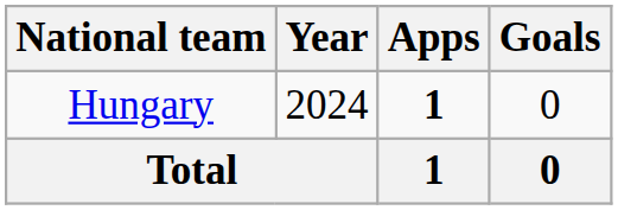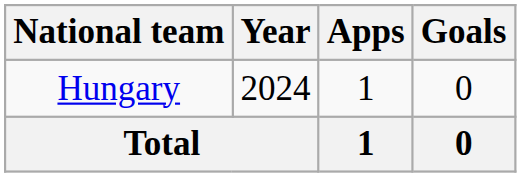 <table class=wikitable style=text-align:center>
 <tr>
 <th>National team</th>
 <th>Year</th>
 <th>Apps</th>
 <th>Goals</th>
 </tr>
 <tr>
 <td rowspan="1"><a href='#'>Hungary</a></td>
 <td>2024</td>
-<td><strong>1</strong></td>
+<td>1</td>
 <td>0</td>
 </tr>
 <tr>
 <th colspan="2">Total</th>
 <th>1</th>
 <th>0</th>
 </tr>
 </table>
